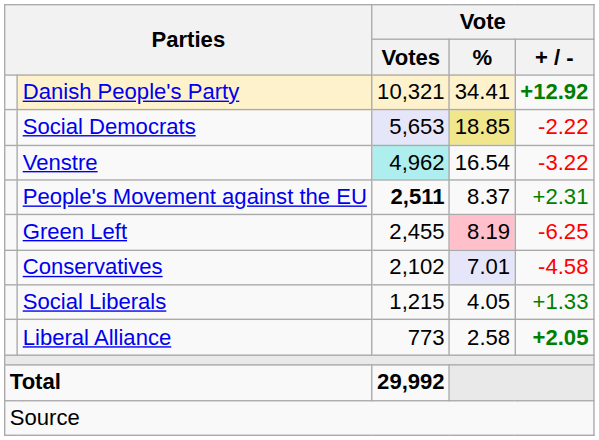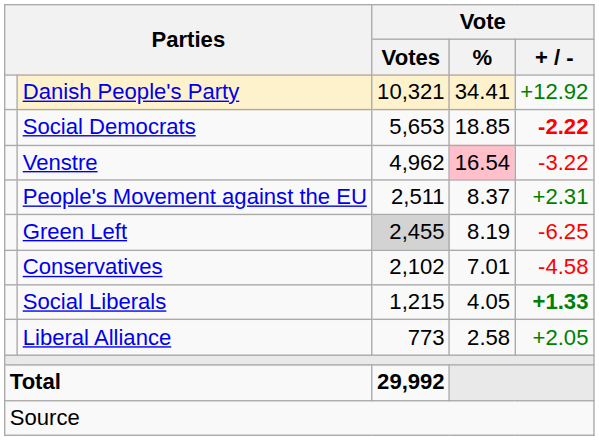 <table class="wikitable" style="text-align:right;">
 <tr>
 <th style="text-align:centre;" rowspan="2" colspan="2" width="225">Parties</th>
 <th colspan="3">Vote</th>
 </tr>
 <tr>
 <th width="15">Votes</th>
 <th width="15">%</th>
 <th width="15">+ / -</th>
 </tr>
 <tr>
 <td width="2" style="color:inherit;background:"></td>
 <td bgcolor=#fef2cc   align="left"><a href='#'>Danish People's Party</a></td>
 <td bgcolor=#fef2cc>10,321</td>
 <td bgcolor=#fef2cc>34.41</td>
-<td style=color:green;><strong>+12.92</strong></td>
+<td style=color:green;>+12.92</td>
 </tr>
 <tr>
 <td width="2" style="color:inherit;background:"></td>
 <td align="left"><a href='#'>Social Democrats</a></td>
-<td style="background: lavender;">5,653</td>
-<td style="background: khaki;">18.85</td>
-<td style=color:red;>-2.22</td>
+<td>5,653</td>
+<td>18.85</td>
+<td style=color:red;><strong>-2.22</strong></td>
 </tr>
 <tr>
 <td width="2" style="color:inherit;background:"></td>
 <td align="left"><a href='#'>Venstre</a></td>
-<td style="background: paleturquoise;">4,962</td>
-<td>16.54</td>
+<td>4,962</td>
+<td style="background: pink;">16.54</td>
 <td style=color:red;>-3.22</td>
 </tr>
 <tr>
 <td width="2" style="color:inherit;background:"></td>
 <td align="left"><a href='#'>People's Movement against the EU</a></td>
-<td><strong>2,511</strong></td>
+<td>2,511</td>
 <td>8.37</td>
 <td style=color:green;>+2.31</td>
 </tr>
 <tr>
 <td width="2" style="color:inherit;background:"></td>
 <td align="left"><a href='#'>Green Left</a></td>
-<td>2,455</td>
-<td style="background: pink;">8.19</td>
+<td style="background: lightgrey;">2,455</td>
+<td>8.19</td>
 <td style=color:red;>-6.25</td>
 </tr>
 <tr>
 <td width="2" style="color:inherit;background:"></td>
 <td align="left"><a href='#'>Conservatives</a></td>
 <td>2,102</td>
-<td style="background: lavender;">7.01</td>
+<td>7.01</td>
 <td style=color:red;>-4.58</td>
 </tr>
 <tr>
 <td width="2" style="color:inherit;background:"></td>
 <td align="left"><a href='#'>Social Liberals</a></td>
 <td>1,215</td>
 <td>4.05</td>
-<td style=color:green;>+1.33</td>
+<td style=color:green;><strong>+1.33</strong></td>
 </tr>
 <tr>
 <td width="2" style="color:inherit;background:"></td>
 <td align="left"><a href='#'>Liberal Alliance</a></td>
 <td>773</td>
 <td>2.58</td>
-<td style=color:green;><strong>+2.05</strong></td>
+<td style=color:green;>+2.05</td>
 </tr>
 <tr>
 <td colspan="7" bgcolor="#E9E9E9"></td>
 </tr>
 <tr>
 <td align="left" colspan="2"><strong>Total</strong></td>
 <td><strong>29,992</strong></td>
 <td bgcolor="#E9E9E9" colspan="2"></td>
 </tr>
 <tr>
 <td align="left" colspan="6">Source</td>
 </tr>
 </table>
